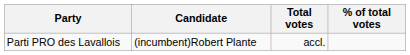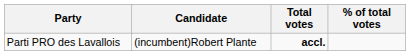 <table style="width:600px;" class="wikitable">
 <tr style="background-color:#E9E9E9">
 <th colspan="2" style="width: 200px">Party</th>
 <th colspan="1" style="width: 200px">Candidate</th>
 <th align="right">Total votes</th>
 <th align="right">% of total votes</th>
 </tr>
 <tr>
 <td colspan="2" align="left">Parti PRO des Lavallois</td>
 <td align="left">(incumbent)Robert Plante</td>
-<td align="right">accl.</td>
+<td align="right"><strong>accl.</strong></td>
 <td align="right"></td>
 </tr>
 </table>
